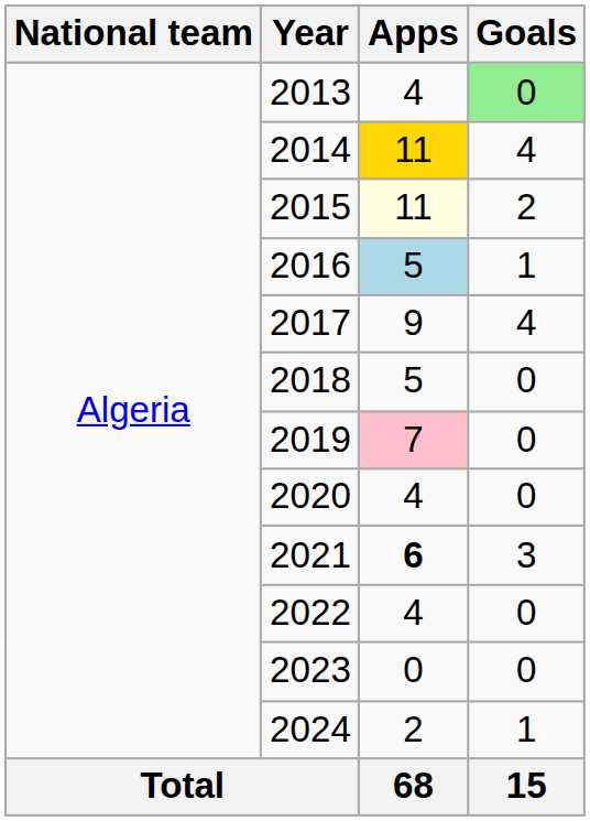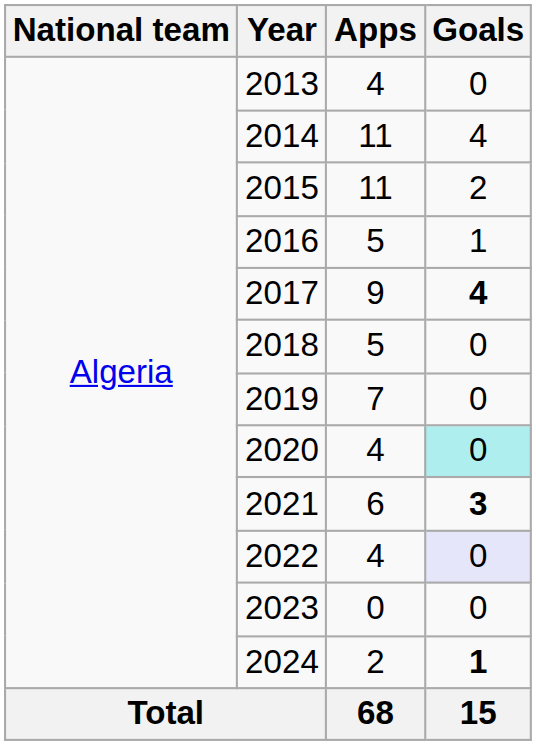 <table class="wikitable" style="text-align:center">
 <tr>
 <th>National team</th>
 <th>Year</th>
 <th>Apps</th>
 <th>Goals</th>
 </tr>
 <tr>
 <td rowspan="12"><a href='#'>Algeria</a></td>
 <td>2013</td>
 <td>4</td>
-<td style="background: lightgreen;">0</td>
+<td>0</td>
 </tr>
 <tr>
 <td>2014</td>
-<td style="background: gold;">11</td>
+<td>11</td>
 <td>4</td>
 </tr>
 <tr>
 <td>2015</td>
-<td style="background: lightyellow;">11</td>
+<td>11</td>
 <td>2</td>
 </tr>
 <tr>
 <td>2016</td>
-<td style="background: lightblue;">5</td>
+<td>5</td>
 <td>1</td>
 </tr>
 <tr>
 <td>2017</td>
 <td>9</td>
-<td>4</td>
+<td><strong>4</strong></td>
 </tr>
 <tr>
 <td>2018</td>
 <td>5</td>
 <td>0</td>
 </tr>
 <tr>
 <td>2019</td>
-<td style="background: pink;">7</td>
+<td>7</td>
 <td>0</td>
 </tr>
 <tr>
 <td>2020</td>
 <td>4</td>
-<td>0</td>
+<td style="background: paleturquoise;">0</td>
 </tr>
 <tr>
 <td>2021</td>
-<td><strong>6</strong></td>
-<td>3</td>
+<td>6</td>
+<td><strong>3</strong></td>
 </tr>
 <tr>
 <td>2022</td>
 <td>4</td>
-<td>0</td>
+<td style="background: lavender;">0</td>
 </tr>
 <tr>
 <td>2023</td>
 <td>0</td>
 <td>0</td>
 </tr>
 <tr>
 <td>2024</td>
 <td>2</td>
-<td>1</td>
+<td><strong>1</strong></td>
 </tr>
 <tr>
 <th colspan="2">Total</th>
 <th>68</th>
 <th>15</th>
 </tr>
 </table>
